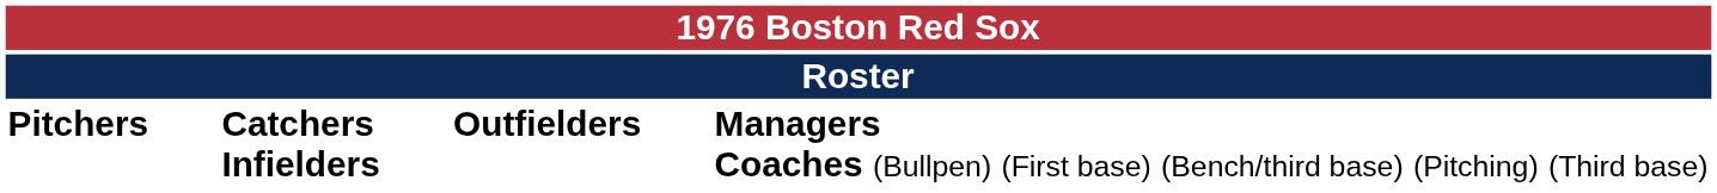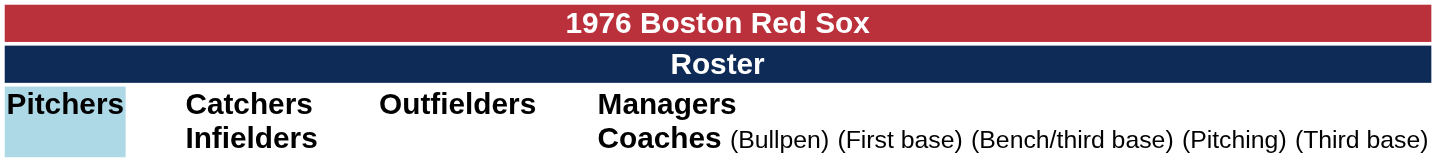 <table class="toccolours" style="text-align: left;">
 <tr>
 <th colspan="10" style="background-color: #ba313c; color: white; text-align: center;">1976 Boston Red Sox</th>
 </tr>
 <tr>
 <td colspan="10" style="background-color: #0d2b56; color: white; text-align: center;"><strong>Roster</strong></td>
 </tr>
 <tr>
-<td valign="top"><strong>Pitchers</strong><br>          </td>
+<td valign="top" style="background: lightblue;"><strong>Pitchers</strong><br>          </td>
 <td width="25px"></td>
 <td valign="top"><strong>Catchers</strong><br>    <strong>Infielders</strong>           </td>
 <td width="25px"></td>
 <td valign="top"><strong>Outfielders</strong><br>     </td>
 <td width="25px"></td>
 <td valign="top"><strong>Managers</strong><br>  <strong>Coaches</strong>  <small>(Bullpen)</small>  <small>(First base)</small>  <small>(Bench/third base)</small>  <small>(Pitching)</small>  <small>(Third base)</small></td>
 </tr>
 <tr>
 </tr>
 </table>
